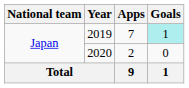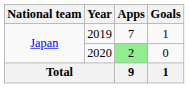 <table class="wikitable" style="text-align:center">
 <tr>
 <th>National team</th>
 <th>Year</th>
 <th>Apps</th>
 <th>Goals</th>
 </tr>
 <tr>
 <td rowspan="2"><a href='#'>Japan</a></td>
 <td>2019</td>
 <td>7</td>
-<td style="background: paleturquoise;">1</td>
+<td>1</td>
 </tr>
 <tr>
 <td>2020</td>
-<td>2</td>
+<td style="background: lightgreen;">2</td>
 <td>0</td>
 </tr>
 <tr>
 <th colspan="2">Total</th>
 <th>9</th>
 <th>1</th>
 </tr>
 </table>
